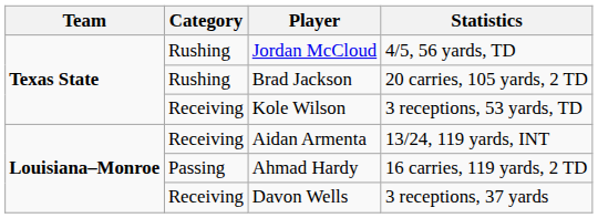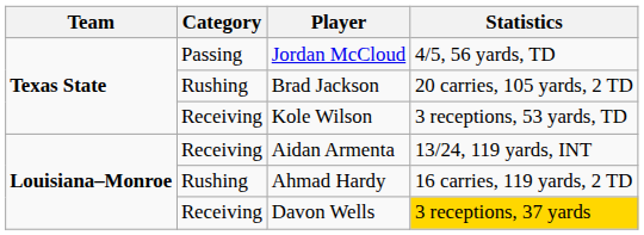 <table class="wikitable" style="float: right;">
 <tr>
 <th>Team</th>
 <th>Category</th>
 <th>Player</th>
 <th>Statistics</th>
 </tr>
 <tr>
 <td rowspan=3><strong>Texas State</strong></td>
-<td>Rushing</td>
+<td>Passing</td>
 <td><a href='#'>Jordan McCloud</a></td>
 <td>4/5, 56 yards, TD</td>
 </tr>
 <tr>
 <td>Rushing</td>
 <td>Brad Jackson</td>
 <td>20 carries, 105 yards, 2 TD</td>
 </tr>
 <tr>
 <td>Receiving</td>
 <td>Kole Wilson</td>
 <td>3 receptions, 53 yards, TD</td>
 </tr>
 <tr>
 <td rowspan=3><strong>Louisiana–Monroe</strong></td>
 <td>Receiving</td>
 <td>Aidan Armenta</td>
 <td>13/24, 119 yards, INT</td>
 </tr>
 <tr>
-<td>Passing</td>
+<td>Rushing</td>
 <td>Ahmad Hardy</td>
 <td>16 carries, 119 yards, 2 TD</td>
 </tr>
 <tr>
 <td>Receiving</td>
 <td>Davon Wells</td>
-<td>3 receptions, 37 yards</td>
+<td style="background: gold;">3 receptions, 37 yards</td>
 </tr>
 </table>
